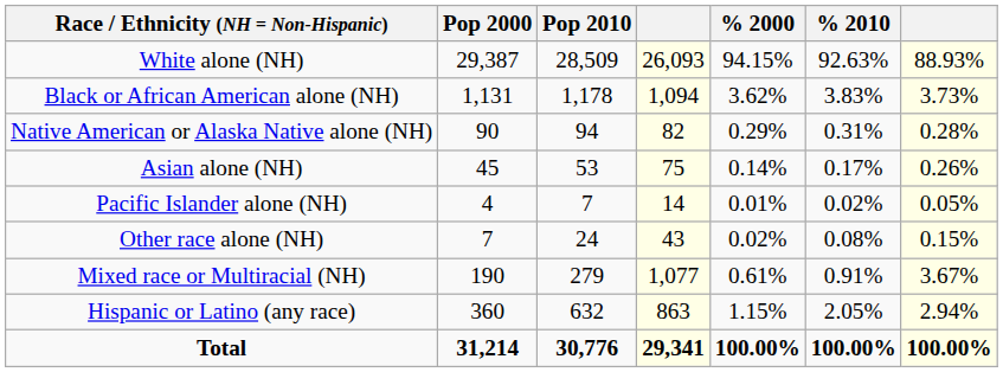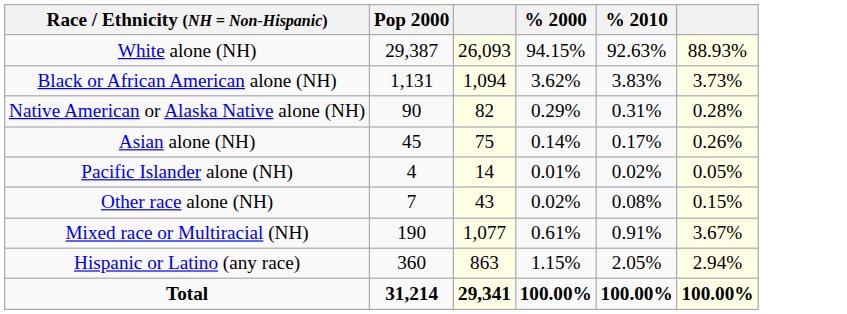 <table class="wikitable" style="text-align:center;">
 <tr>
 <th>Race / Ethnicity <small>(<em>NH = Non-Hispanic</em>)</small></th>
 <th>Pop 2000</th>
-<th>Pop 2010</th>
 <th></th>
 <th>% 2000</th>
 <th>% 2010</th>
 <th></th>
 </tr>
 <tr>
 <td><a href='#'>White</a> alone (NH)</td>
 <td>29,387</td>
-<td>28,509</td>
 <td style='background: #ffffe6;'>26,093</td>
 <td>94.15%</td>
 <td>92.63%</td>
 <td style='background: #ffffe6;'>88.93%</td>
 </tr>
 <tr>
 <td><a href='#'>Black or African American</a> alone (NH)</td>
 <td>1,131</td>
-<td>1,178</td>
 <td style='background: #ffffe6;'>1,094</td>
 <td>3.62%</td>
 <td>3.83%</td>
 <td style='background: #ffffe6;'>3.73%</td>
 </tr>
 <tr>
 <td><a href='#'>Native American</a> or <a href='#'>Alaska Native</a> alone (NH)</td>
 <td>90</td>
-<td>94</td>
 <td style='background: #ffffe6;'>82</td>
 <td>0.29%</td>
 <td>0.31%</td>
 <td style='background: #ffffe6;'>0.28%</td>
 </tr>
 <tr>
 <td><a href='#'>Asian</a> alone (NH)</td>
 <td>45</td>
-<td>53</td>
 <td style='background: #ffffe6;'>75</td>
 <td>0.14%</td>
 <td>0.17%</td>
 <td style='background: #ffffe6;'>0.26%</td>
 </tr>
 <tr>
 <td><a href='#'>Pacific Islander</a> alone (NH)</td>
 <td>4</td>
-<td>7</td>
 <td style='background: #ffffe6;'>14</td>
 <td>0.01%</td>
 <td>0.02%</td>
 <td style='background: #ffffe6;'>0.05%</td>
 </tr>
 <tr>
 <td><a href='#'>Other race</a> alone (NH)</td>
 <td>7</td>
-<td>24</td>
 <td style='background: #ffffe6;'>43</td>
 <td>0.02%</td>
 <td>0.08%</td>
 <td style='background: #ffffe6;'>0.15%</td>
 </tr>
 <tr>
 <td><a href='#'>Mixed race or Multiracial</a> (NH)</td>
 <td>190</td>
-<td>279</td>
 <td style='background: #ffffe6;'>1,077</td>
 <td>0.61%</td>
 <td>0.91%</td>
 <td style='background: #ffffe6;'>3.67%</td>
 </tr>
 <tr>
 <td><a href='#'>Hispanic or Latino</a> (any race)</td>
 <td>360</td>
-<td>632</td>
 <td style='background: #ffffe6;'>863</td>
 <td>1.15%</td>
 <td>2.05%</td>
 <td style='background: #ffffe6;'>2.94%</td>
 </tr>
 <tr>
 <td><strong>Total</strong></td>
 <td><strong>31,214</strong></td>
-<td><strong>30,776</strong></td>
 <td style='background: #ffffe6;'><strong>29,341</strong></td>
 <td><strong>100.00%</strong></td>
 <td><strong>100.00%</strong></td>
 <td style='background: #ffffe6;'><strong>100.00%</strong></td>
 </tr>
 </table>
